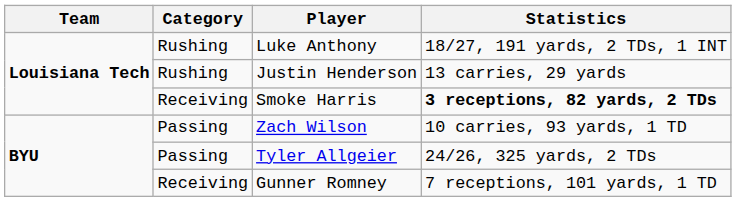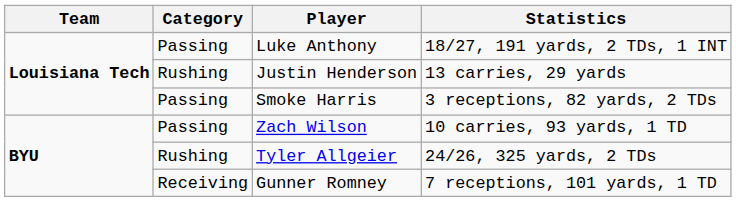 <table class="wikitable" style="float: left;">
 <tr>
 <th>Team</th>
 <th>Category</th>
 <th>Player</th>
 <th>Statistics</th>
 </tr>
 <tr>
 <td rowspan=3><strong>Louisiana Tech</strong></td>
-<td>Rushing</td>
+<td>Passing</td>
 <td>Luke Anthony</td>
 <td>18/27, 191 yards, 2 TDs, 1 INT</td>
 </tr>
 <tr>
 <td>Rushing</td>
 <td>Justin Henderson</td>
 <td>13 carries, 29 yards</td>
 </tr>
 <tr>
-<td>Receiving</td>
+<td>Passing</td>
 <td>Smoke Harris</td>
-<td><strong>3 receptions, 82 yards, 2 TDs</strong></td>
+<td>3 receptions, 82 yards, 2 TDs</td>
 </tr>
 <tr>
 <td rowspan=3><strong>BYU</strong></td>
 <td>Passing</td>
 <td><a href='#'>Zach Wilson</a></td>
 <td>10 carries, 93 yards, 1 TD</td>
 </tr>
 <tr>
-<td>Passing</td>
+<td>Rushing</td>
 <td><a href='#'>Tyler Allgeier</a></td>
 <td>24/26, 325 yards, 2 TDs</td>
 </tr>
 <tr>
 <td>Receiving</td>
 <td>Gunner Romney</td>
 <td>7 receptions, 101 yards, 1 TD</td>
 </tr>
 </table>
